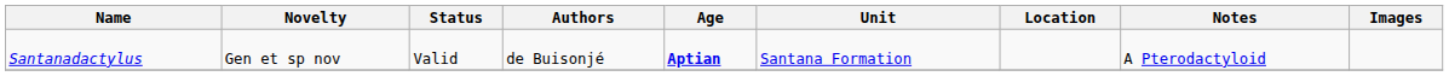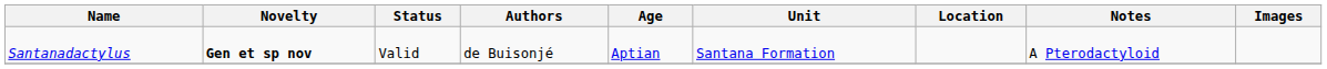 <table class="wikitable sortable" align="center" width="100%">
 <tr>
 <th>Name</th>
 <th>Novelty</th>
 <th>Status</th>
 <th>Authors</th>
 <th>Age</th>
 <th>Unit</th>
 <th>Location</th>
 <th>Notes</th>
 <th>Images</th>
 </tr>
 <tr>
 <td><br><em><a href='#'>Santanadactylus</a></em></td>
-<td><br>Gen et sp nov</td>
+<td><strong><br>Gen et sp nov</strong></td>
 <td><br>Valid</td>
 <td><br>de Buisonjé</td>
-<td><strong><br><a href='#'>Aptian</a></strong></td>
+<td><br><a href='#'>Aptian</a></td>
 <td><br><a href='#'>Santana Formation</a></td>
 <td><br></td>
 <td><br>A <a href='#'>Pterodactyloid</a></td>
 <td></td>
 </tr>
 <tr>
 </tr>
 </table>
